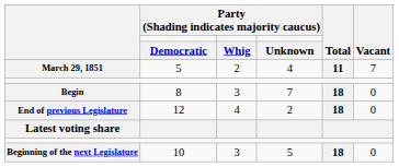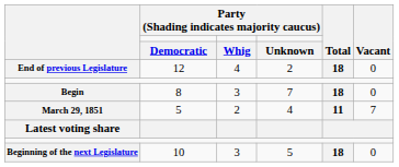 <table class=wikitable style="text-align:center">
 <tr style="vertical-align:bottom;">
 <th rowspan=3></th>
 <th colspan=3>Party <div>(Shading indicates majority caucus)</div></th>
 <th rowspan=3>Total</th>
 <th rowspan=3>Vacant</th>
 </tr>
 <tr style="height:5px">
 <td style="background-color:"></td>
 <td style="background-color:"></td>
 <td style="background-color:"></td>
 </tr>
 <tr>
 <th><a href='#'>Democratic</a></th>
 <th><a href='#'>Whig</a></th>
 <th>Unknown</th>
 </tr>
 <tr>
-<th style="font-size:80%">March 29, 1851 </th>
-<td>5</td>
+<th style="white-space:nowrap; font-size:80%;">End of <a href='#'>previous Legislature</a></th>
+<td>12</td>
+<td>4</td>
 <td>2</td>
-<td>4</td>
-<th>11</th>
-<td>7</td>
+<th>18</th>
+<td>0</td>
 </tr>
 <tr>
 <td colspan=6></td>
 </tr>
 <tr>
 <th style="font-size:80%">Begin</th>
 <td>8</td>
 <td>3</td>
 <td>7</td>
 <th>18</th>
 <td>0</td>
 </tr>
 <tr>
-<th style="white-space:nowrap; font-size:80%;">End of <a href='#'>previous Legislature</a></th>
-<td>12</td>
+<th style="font-size:80%">March 29, 1851 </th>
+<td>5</td>
+<td>2</td>
 <td>4</td>
-<td>2</td>
-<th>18</th>
-<td>0</td>
+<th>11</th>
+<td>7</td>
 </tr>
 <tr>
 <th>Latest voting share</th>
 <th></th>
 <th></th>
 <th></th>
 <th colspan=2></th>
 </tr>
 <tr>
 <td colspan=6></td>
 </tr>
 <tr>
 <th style="white-space:nowrap; font-size:80%;">Beginning of the <a href='#'>next Legislature</a></th>
 <td>10</td>
 <td>3</td>
 <td>5</td>
 <th>18</th>
 <td>0</td>
 </tr>
 </table>
